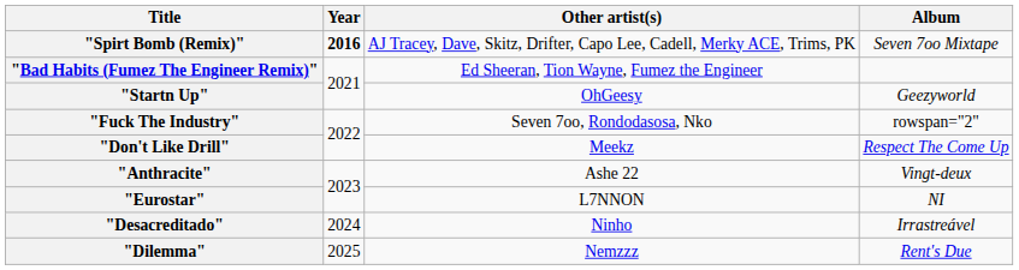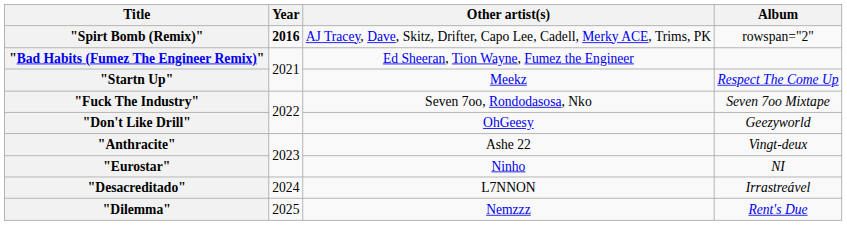 <table class="wikitable plainrowheaders" style="text-align:center;">
 <tr>
 <th scope="col" style="width:19em;">Title</th>
 <th scope="col" style="width:1em;">Year</th>
 <th scope="col">Other artist(s)</th>
 <th scope="col">Album</th>
 </tr>
 <tr>
 <th scope="row">"Spirt Bomb (Remix)"</th>
 <td><strong>2016</strong></td>
 <td><a href='#'>AJ Tracey</a>, <a href='#'>Dave</a>, Skitz, Drifter, Capo Lee, Cadell, <a href='#'>Merky ACE</a>, Trims, PK</td>
-<td><em>Seven 7oo Mixtape</em></td>
+<td>rowspan="2" </td>
 </tr>
 <tr>
 <th scope="row">"<a href='#'>Bad Habits (Fumez The Engineer Remix)</a>"</th>
 <td rowspan="2">2021</td>
 <td><a href='#'>Ed Sheeran</a>, <a href='#'>Tion Wayne</a>, <a href='#'>Fumez the Engineer</a></td>
 </tr>
 <tr>
 <th scope="row">"Startn Up"</th>
-<td><a href='#'>OhGeesy</a></td>
-<td><em>Geezyworld</em></td>
+<td><a href='#'>Meekz</a></td>
+<td><em><a href='#'>Respect The Come Up</a></em></td>
 </tr>
 <tr>
 <th scope="row">"Fuck The Industry"</th>
 <td rowspan="2">2022</td>
 <td>Seven 7oo, <a href='#'>Rondodasosa</a>, Nko</td>
-<td>rowspan="2" </td>
+<td><em>Seven 7oo Mixtape</em></td>
 </tr>
 <tr>
 <th scope="row">"Don't Like Drill"</th>
-<td><a href='#'>Meekz</a></td>
-<td><em><a href='#'>Respect The Come Up</a></em></td>
+<td><a href='#'>OhGeesy</a></td>
+<td><em>Geezyworld</em></td>
 </tr>
 <tr>
 <th scope="row">"Anthracite"</th>
 <td rowspan="2">2023</td>
 <td>Ashe 22</td>
 <td><em>Vingt-deux</em></td>
 </tr>
 <tr>
 <th scope="row">"Eurostar"</th>
-<td>L7NNON</td>
+<td><a href='#'>Ninho</a></td>
 <td><em>NI</em></td>
 </tr>
 <tr>
 <th scope="row">"Desacreditado"</th>
 <td>2024</td>
-<td><a href='#'>Ninho</a></td>
+<td>L7NNON</td>
 <td><em>Irrastreável</em></td>
 </tr>
 <tr>
 <th scope="row">"Dilemma"</th>
 <td>2025</td>
 <td><a href='#'>Nemzzz</a></td>
 <td><em><a href='#'>Rent's Due</a></em></td>
 </tr>
 </table>
